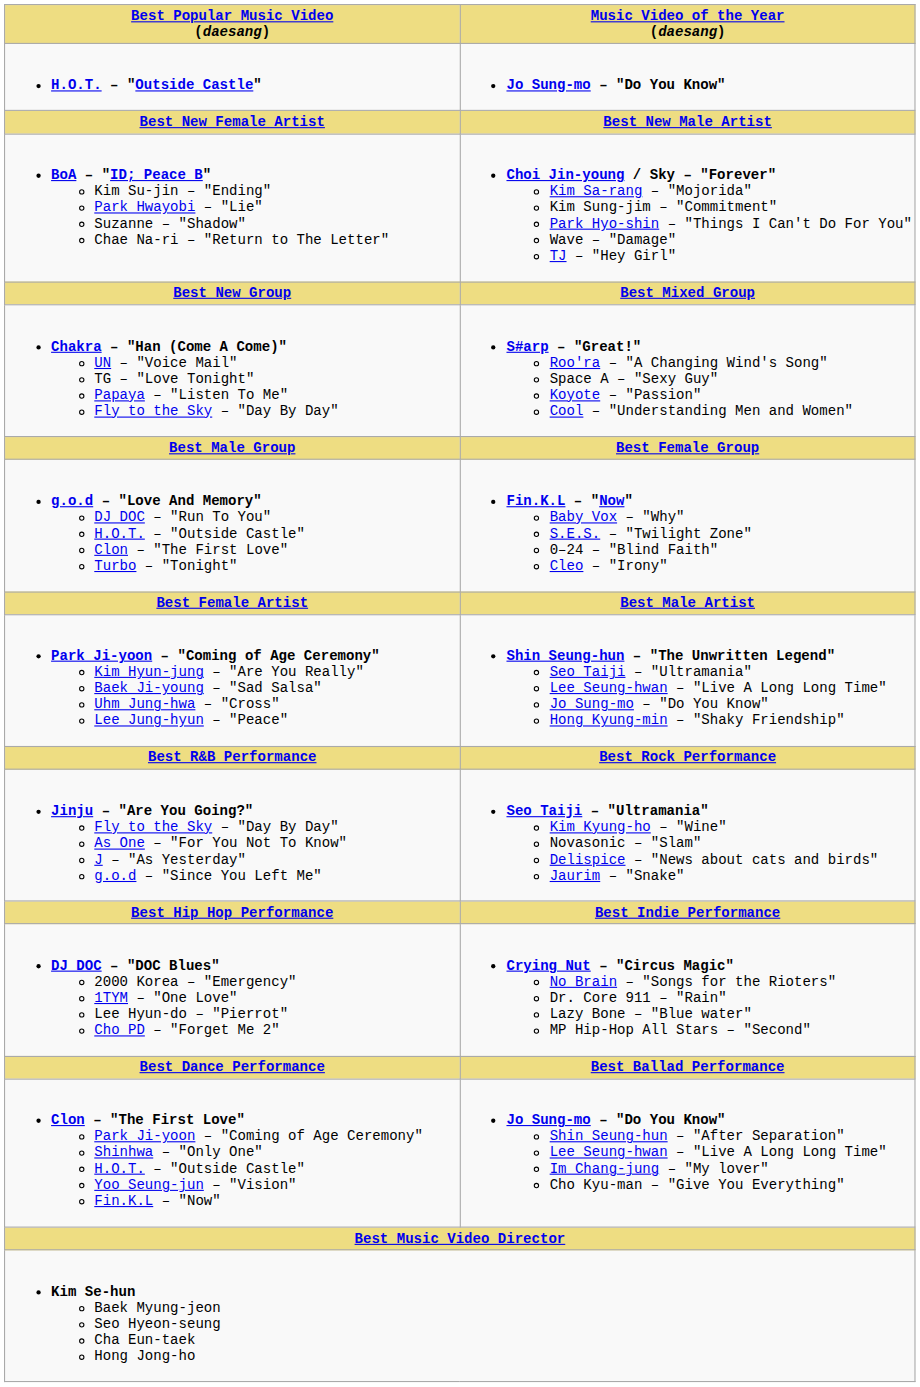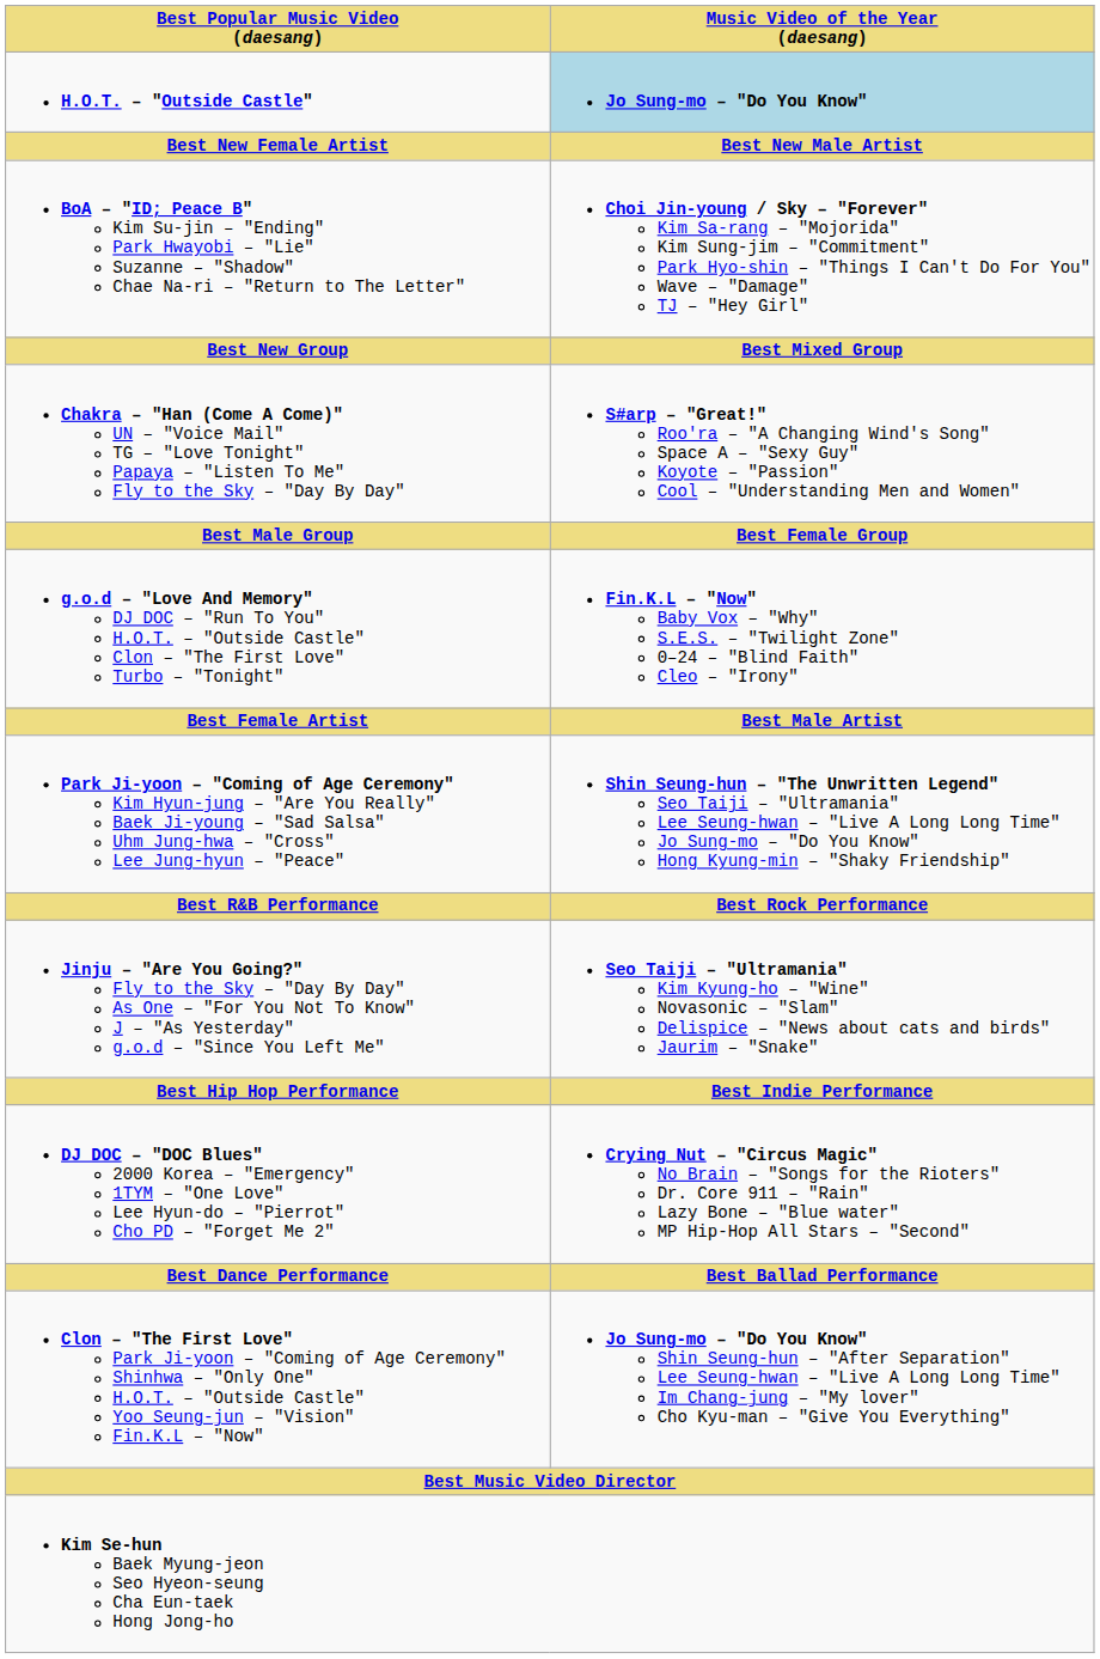 <table class="wikitable">
 <tr>
 <th style="background:#EEDD82; width:50%"><a href='#'>Best Popular Music Video</a><br>(<em>daesang</em>)</th>
 <th style="background:#EEDD82; width:50%"><a href='#'>Music Video of the Year</a><br>(<em>daesang</em>)</th>
 </tr>
 <tr>
 <td style="vertical-align:top"><br><ul><li><strong><a href='#'>H.O.T.</a> – "<a href='#'>Outside Castle</a>"</strong></li></ul></td>
-<td style="vertical-align:top"><br><ul><li><strong><a href='#'>Jo Sung-mo</a> – "Do You Know"</strong></li></ul></td>
+<td style="background: lightblue; vertical-align:top"><br><ul><li><strong><a href='#'>Jo Sung-mo</a> – "Do You Know"</strong></li></ul></td>
 </tr>
 <tr>
 <th style="background:#EEDD82; width:50%"><a href='#'>Best New Female Artist</a></th>
 <th style="background:#EEDD82; width:50%"><a href='#'>Best New Male Artist</a></th>
 </tr>
 <tr>
 <td style="vertical-align:top"><br><ul><li><strong><a href='#'>BoA</a> – "<a href='#'>ID; Peace B</a>"</strong><ul><li>Kim Su-jin – "Ending"</li><li><a href='#'>Park Hwayobi</a> – "Lie"</li><li>Suzanne – "Shadow"</li><li>Chae Na-ri – "Return to The Letter"</li></ul></li></ul></td>
 <td style="vertical-align:top"><br><ul><li><strong><a href='#'>Choi Jin-young</a> / Sky – "Forever"</strong><ul><li><a href='#'>Kim Sa-rang</a> – "Mojorida"</li><li>Kim Sung-jim – "Commitment"</li><li><a href='#'>Park Hyo-shin</a> – "Things I Can't Do For You"</li><li>Wave – "Damage"</li><li><a href='#'>TJ</a> – "Hey Girl"</li></ul></li></ul></td>
 </tr>
 <tr>
 <th style="background:#EEDD82; width:50%"><a href='#'>Best New Group</a></th>
 <th style="background:#EEDD82; width:50%"><a href='#'>Best Mixed Group</a></th>
 </tr>
 <tr>
 <td style="vertical-align:top"><br><ul><li><strong><a href='#'>Chakra</a> – "Han (Come A Come)"</strong><ul><li><a href='#'>UN</a> – "Voice Mail"</li><li>TG – "Love Tonight"</li><li><a href='#'>Papaya</a> – "Listen To Me"</li><li><a href='#'>Fly to the Sky</a> – "Day By Day"</li></ul></li></ul></td>
 <td style="vertical-align:top"><br><ul><li><strong><a href='#'>S#arp</a> – "Great!"</strong><ul><li><a href='#'>Roo'ra</a> – "A Changing Wind's Song"</li><li>Space A – "Sexy Guy"</li><li><a href='#'>Koyote</a> – "Passion"</li><li><a href='#'>Cool</a> – "Understanding Men and Women"</li></ul></li></ul></td>
 </tr>
 <tr>
 <th style="background:#EEDD82; width:50%"><a href='#'>Best Male Group</a></th>
 <th style="background:#EEDD82; width:50%"><a href='#'>Best Female Group</a></th>
 </tr>
 <tr>
 <td style="vertical-align:top"><br><ul><li><strong><a href='#'>g.o.d</a> – "Love And Memory"</strong><ul><li><a href='#'>DJ DOC</a> – "Run To You"</li><li><a href='#'>H.O.T.</a> – "Outside Castle"</li><li><a href='#'>Clon</a> – "The First Love"</li><li><a href='#'>Turbo</a> – "Tonight"</li></ul></li></ul></td>
 <td valign="top"><br><ul><li><strong><a href='#'>Fin.K.L</a> – "<a href='#'>Now</a>"</strong><ul><li><a href='#'>Baby Vox</a> – "Why"</li><li><a href='#'>S.E.S.</a> – "Twilight Zone"</li><li>0–24 – "Blind Faith"</li><li><a href='#'>Cleo</a> – "Irony"</li></ul></li></ul></td>
 </tr>
 <tr>
 <th style="background:#EEDD82; width:50%"><a href='#'>Best Female Artist</a></th>
 <th style="background:#EEDD82; width:50%"><a href='#'>Best Male Artist</a></th>
 </tr>
 <tr>
 <td style="vertical-align:top"><br><ul><li><strong><a href='#'>Park Ji-yoon</a> – "Coming of Age Ceremony"</strong><ul><li><a href='#'>Kim Hyun-jung</a> – "Are You Really"</li><li><a href='#'>Baek Ji-young</a> – "Sad Salsa"</li><li><a href='#'>Uhm Jung-hwa</a> – "Cross"</li><li><a href='#'>Lee Jung-hyun</a> – "Peace"</li></ul></li></ul></td>
 <td style="vertical-align:top"><br><ul><li><strong><a href='#'>Shin Seung-hun</a> – "The Unwritten Legend"</strong><ul><li><a href='#'>Seo Taiji</a> – "Ultramania"</li><li><a href='#'>Lee Seung-hwan</a> – "Live A Long Long Time"</li><li><a href='#'>Jo Sung-mo</a> – "Do You Know"</li><li><a href='#'>Hong Kyung-min</a> – "Shaky Friendship"</li></ul></li></ul></td>
 </tr>
 <tr>
 <th style="background:#EEDD82; width:50%"><a href='#'>Best R&B Performance</a></th>
 <th style="background:#EEDD82; width:50%"><a href='#'>Best Rock Performance</a></th>
 </tr>
 <tr>
 <td style="vertical-align:top"><br><ul><li><strong><a href='#'>Jinju</a> – "Are You Going?"</strong><ul><li><a href='#'>Fly to the Sky</a> – "Day By Day"</li><li><a href='#'>As One</a> – "For You Not To Know"</li><li><a href='#'>J</a> – "As Yesterday"</li><li><a href='#'>g.o.d</a> – "Since You Left Me"</li></ul></li></ul></td>
 <td style="vertical-align:top"><br><ul><li><strong><a href='#'>Seo Taiji</a> – "Ultramania"</strong><ul><li><a href='#'>Kim Kyung-ho</a> – "Wine"</li><li>Novasonic – "Slam"</li><li><a href='#'>Delispice</a> – "News about cats and birds"</li><li><a href='#'>Jaurim</a> – "Snake"</li></ul></li></ul></td>
 </tr>
 <tr>
 <th style="background:#EEDD82; width:50%"><a href='#'>Best Hip Hop Performance</a></th>
 <th style="background:#EEDD82; width:50%"><a href='#'>Best Indie Performance</a></th>
 </tr>
 <tr>
 <td style="vertical-align:top"><br><ul><li><strong><a href='#'>DJ DOC</a> – "DOC Blues"</strong><ul><li>2000 Korea – "Emergency"</li><li><a href='#'>1TYM</a> – "One Love"</li><li>Lee Hyun-do – "Pierrot"</li><li><a href='#'>Cho PD</a> – "Forget Me 2"</li></ul></li></ul></td>
 <td valign="top"><br><ul><li><strong><a href='#'>Crying Nut</a> – "Circus Magic"</strong><ul><li><a href='#'>No Brain</a> – "Songs for the Rioters"</li><li>Dr. Core 911 – "Rain"</li><li>Lazy Bone – "Blue water"</li><li>MP Hip-Hop All Stars – "Second"</li></ul></li></ul></td>
 </tr>
 <tr>
 <th style="background:#EEDD82; width:50%"><a href='#'>Best Dance Performance</a></th>
 <th style="background:#EEDD82; width:50%"><a href='#'>Best Ballad Performance</a></th>
 </tr>
 <tr>
 <td style="vertical-align:top"><br><ul><li><strong><a href='#'>Clon</a> – "The First Love"</strong><ul><li><a href='#'>Park Ji-yoon</a> – "Coming of Age Ceremony"</li><li><a href='#'>Shinhwa</a> – "Only One"</li><li><a href='#'>H.O.T.</a> – "Outside Castle"</li><li><a href='#'>Yoo Seung-jun</a> – "Vision"</li><li><a href='#'>Fin.K.L</a> – "Now"</li></ul></li></ul></td>
 <td valign="top"><br><ul><li><strong><a href='#'>Jo Sung-mo</a> – "Do You Know"</strong><ul><li><a href='#'>Shin Seung-hun</a> – "After Separation"</li><li><a href='#'>Lee Seung-hwan</a> – "Live A Long Long Time"</li><li><a href='#'>Im Chang-jung</a> – "My lover"</li><li>Cho Kyu-man – "Give You Everything"</li></ul></li></ul></td>
 </tr>
 <tr>
 <th colspan="2" style="background:#EEDD82; width:50%"><a href='#'>Best Music Video Director</a></th>
 </tr>
 <tr>
 <td colspan="2"><br><ul><li><strong>Kim Se-hun</strong><ul><li>Baek Myung-jeon</li><li>Seo Hyeon-seung</li><li>Cha Eun-taek</li><li>Hong Jong-ho</li></ul></li></ul></td>
 </tr>
 </table>
